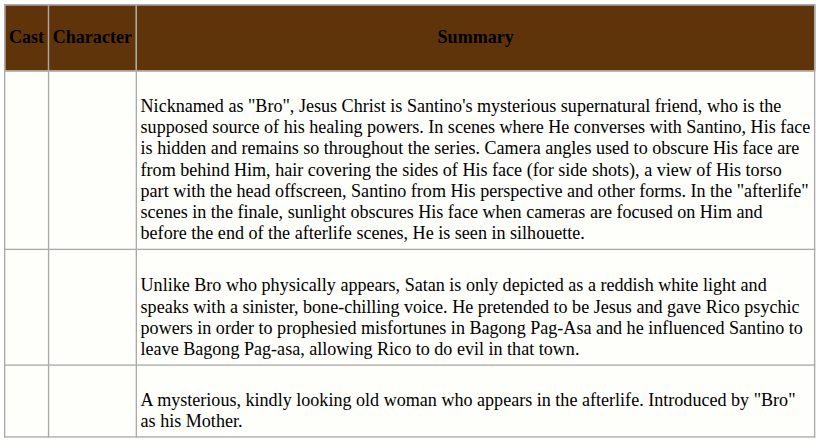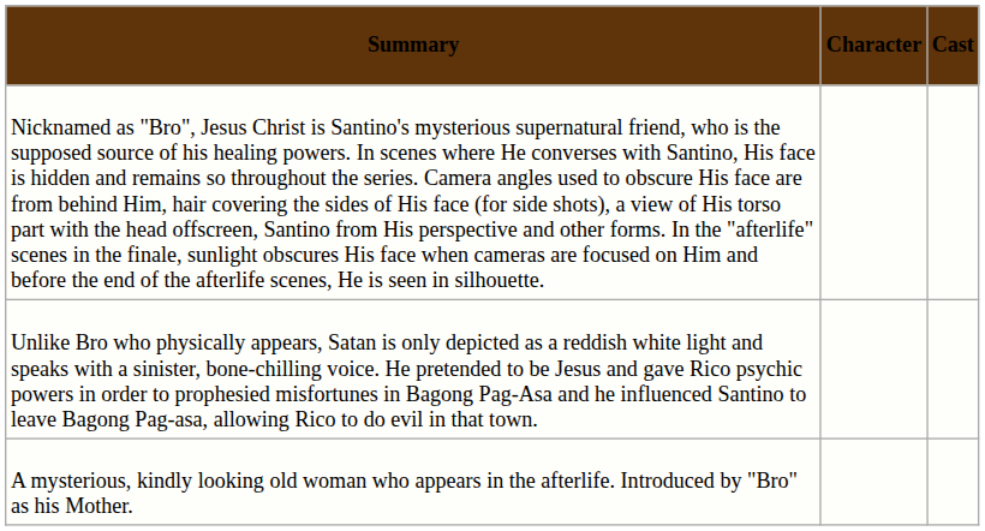 <table class="wikitable" style=" background:#FEFEFA; font-size: 85%;">
 <tr>
+<th style="background:#5F340A ;"><p>Summary</p></th>
+<th style="background:#5F340A; "><p>Character</p></th>
 <th style="background:#5F340A ;"><p>Cast</p></th>
-<th style="background:#5F340A; "><p>Character</p></th>
-<th style="background:#5F340A ;"><p>Summary</p></th>
 </tr>
 <tr>
+<td><br>Nicknamed as "Bro", Jesus Christ is Santino's mysterious supernatural friend, who is the supposed source of his healing powers. In scenes where He converses with Santino, His face is hidden and remains so throughout the series. Camera angles used to obscure His face are from behind Him, hair covering the sides of His face (for side shots), a view of His torso part with the head offscreen, Santino from His perspective and other forms. In the "afterlife" scenes in the finale, sunlight obscures His face when cameras are focused on Him and before the end of the afterlife scenes, He is seen in silhouette.</td>
 <td></td>
 <td></td>
-<td><br>Nicknamed as "Bro", Jesus Christ is Santino's mysterious supernatural friend, who is the supposed source of his healing powers. In scenes where He converses with Santino, His face is hidden and remains so throughout the series. Camera angles used to obscure His face are from behind Him, hair covering the sides of His face (for side shots), a view of His torso part with the head offscreen, Santino from His perspective and other forms. In the "afterlife" scenes in the finale, sunlight obscures His face when cameras are focused on Him and before the end of the afterlife scenes, He is seen in silhouette.</td>
 </tr>
 <tr>
+<td><br>Unlike Bro who physically appears, Satan is only depicted as a reddish white light and speaks with a sinister, bone-chilling voice. He pretended to be Jesus and gave Rico psychic powers in order to prophesied misfortunes in Bagong Pag-Asa and he influenced Santino to leave Bagong Pag-asa, allowing Rico to do evil in that town.</td>
 <td></td>
 <td></td>
-<td><br>Unlike Bro who physically appears, Satan is only depicted as a reddish white light and speaks with a sinister, bone-chilling voice. He pretended to be Jesus and gave Rico psychic powers in order to prophesied misfortunes in Bagong Pag-Asa and he influenced Santino to leave Bagong Pag-asa, allowing Rico to do evil in that town.</td>
 </tr>
 <tr>
+<td><br>A mysterious, kindly looking old woman who appears in the afterlife. Introduced by "Bro" as his Mother.</td>
 <td></td>
 <td></td>
-<td><br>A mysterious, kindly looking old woman who appears in the afterlife. Introduced by "Bro" as his Mother.</td>
 </tr>
 </table>
